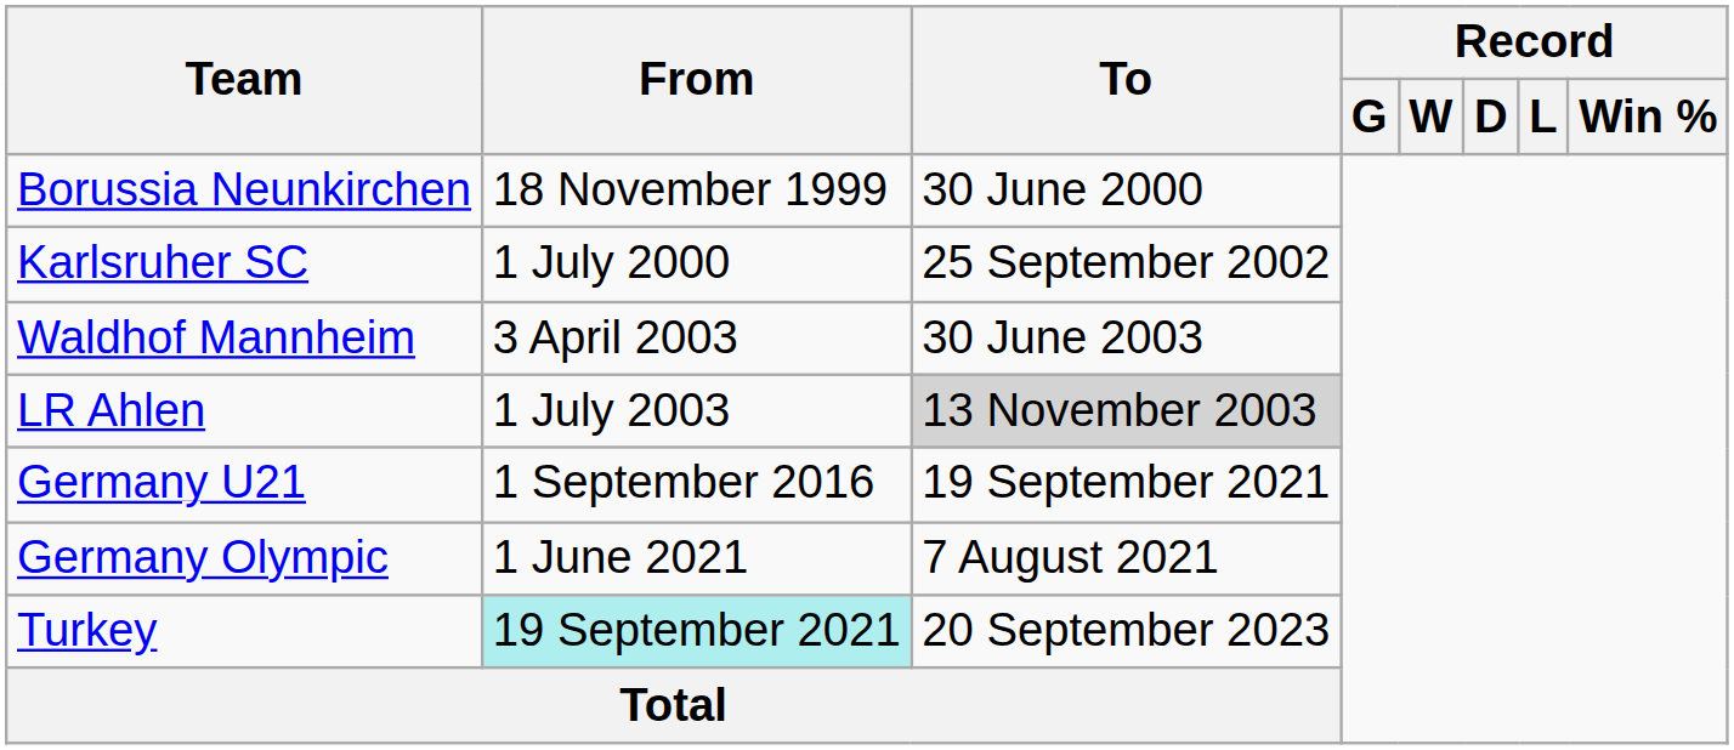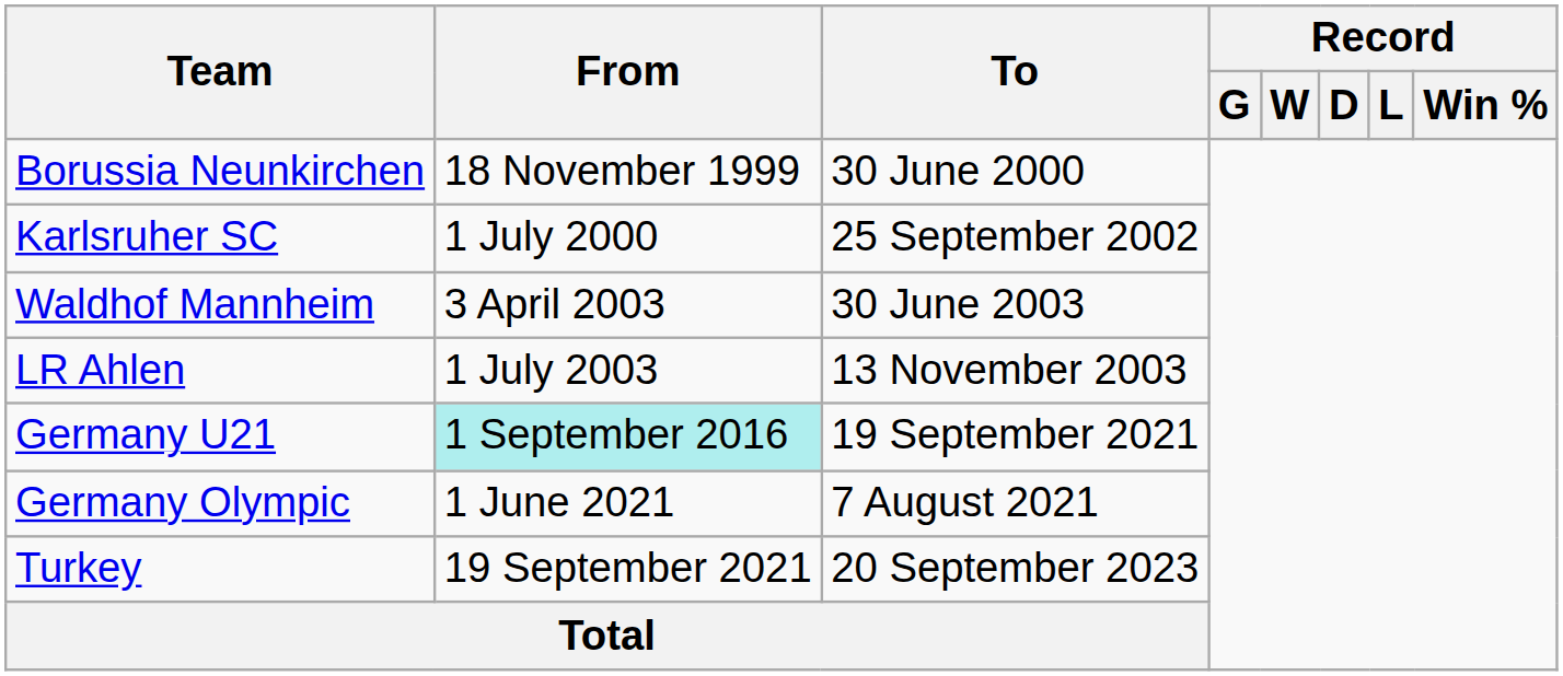 <table class="wikitable" style="text-align: center">
 <tr>
 <th rowspan="2">Team</th>
 <th rowspan="2">From</th>
 <th rowspan="2">To</th>
 <th colspan="5">Record</th>
 </tr>
 <tr>
 <th>G</th>
 <th>W</th>
 <th>D</th>
 <th>L</th>
 <th>Win %</th>
 </tr>
 <tr>
 <td align=left><a href='#'>Borussia Neunkirchen</a></td>
 <td align=left>18 November 1999</td>
 <td align=left>30 June 2000<br></td>
 </tr>
 <tr>
 <td align=left><a href='#'>Karlsruher SC</a></td>
 <td align=left>1 July 2000</td>
 <td align=left>25 September 2002<br></td>
 </tr>
 <tr>
 <td align=left><a href='#'>Waldhof Mannheim</a></td>
 <td align=left>3 April 2003</td>
 <td align=left>30 June 2003<br></td>
 </tr>
 <tr>
 <td align=left><a href='#'>LR Ahlen</a></td>
 <td align=left>1 July 2003</td>
-<td align=left style="background: lightgrey;">13 November 2003<br></td>
+<td align=left>13 November 2003<br></td>
 </tr>
 <tr>
 <td align=left><a href='#'>Germany U21</a></td>
-<td align=left>1 September 2016</td>
+<td align=left style="background: paleturquoise;">1 September 2016</td>
 <td align=left>19 September 2021<br></td>
 </tr>
 <tr>
 <td align=left><a href='#'>Germany Olympic</a></td>
 <td align=left>1 June 2021</td>
 <td align=left>7 August 2021<br></td>
 </tr>
 <tr>
 <td align=left><a href='#'>Turkey</a></td>
-<td align=left style="background: paleturquoise;">19 September 2021</td>
+<td align=left>19 September 2021</td>
 <td align=left>20 September 2023<br></td>
 </tr>
 <tr>
 <th colspan="3">Total<br></th>
 </tr>
 </table>
